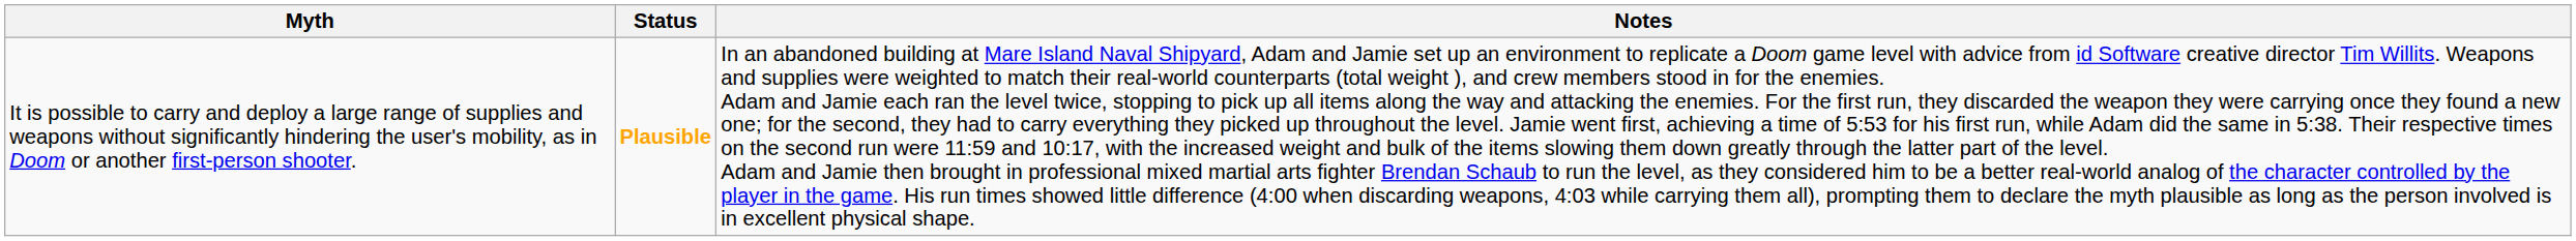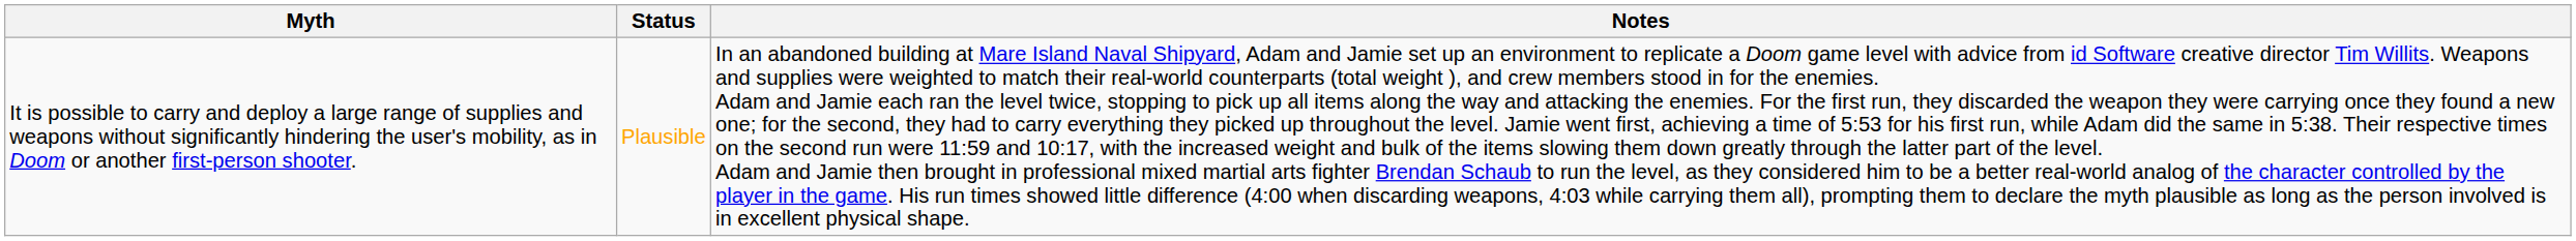 <table class="wikitable plainrowheaders">
 <tr>
 <th scope"col">Myth</th>
 <th scope"col">Status</th>
 <th scope"col">Notes</th>
 </tr>
 <tr>
 <td scope"row">It is possible to carry and deploy a large range of supplies and weapons without significantly hindering the user's mobility, as in <em><a href='#'>Doom</a></em> or another <a href='#'>first-person shooter</a>.</td>
-<td style="color:orange"><strong>Plausible</strong></td>
+<td style="color:orange">Plausible</td>
 <td>In an abandoned building at <a href='#'>Mare Island Naval Shipyard</a>, Adam and Jamie set up an environment to replicate a <em>Doom</em> game level with advice from <a href='#'>id Software</a> creative director <a href='#'>Tim Willits</a>. Weapons and supplies were weighted to match their real-world counterparts (total weight ), and crew members stood in for the enemies.<br>Adam and Jamie each ran the level twice, stopping to pick up all items along the way and attacking the enemies. For the first run, they discarded the weapon they were carrying once they found a new one; for the second, they had to carry everything they picked up throughout the level. Jamie went first, achieving a time of 5:53 for his first run, while Adam did the same in 5:38. Their respective times on the second run were 11:59 and 10:17, with the increased weight and bulk of the items slowing them down greatly through the latter part of the level.<br>Adam and Jamie then brought in professional mixed martial arts fighter <a href='#'>Brendan Schaub</a> to run the level, as they considered him to be a better real-world analog of <a href='#'>the character controlled by the player in the game</a>. His run times showed little difference (4:00 when discarding weapons, 4:03 while carrying them all), prompting them to declare the myth plausible as long as the person involved is in excellent physical shape.</td>
 </tr>
 </table>
